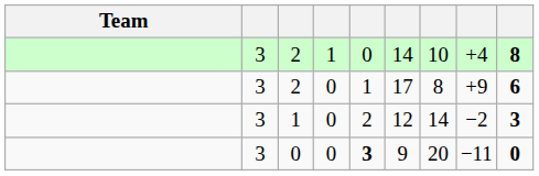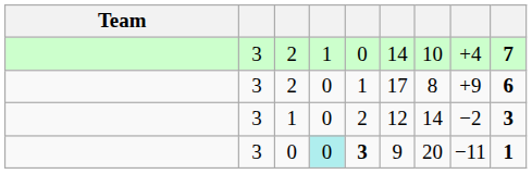 <table class="wikitable" style="text-align: center;">
 <tr>
 <th style="width:175px;">Team</th>
 <th width="20"></th>
 <th width="20"></th>
 <th width="20"></th>
 <th width="20"></th>
 <th width="20"></th>
 <th width="20"></th>
 <th width="20"></th>
 <th width="20"></th>
 </tr>
 <tr style="background:#cfc;">
 <td align=left></td>
 <td>3</td>
 <td>2</td>
 <td>1</td>
 <td>0</td>
 <td>14</td>
 <td>10</td>
 <td>+4</td>
-<td><strong>8</strong></td>
+<td><strong>7</strong></td>
 </tr>
 <tr>
 <td align=left></td>
 <td>3</td>
 <td>2</td>
 <td>0</td>
 <td>1</td>
 <td>17</td>
 <td>8</td>
 <td>+9</td>
 <td><strong>6</strong></td>
 </tr>
 <tr>
 <td align=left></td>
 <td>3</td>
 <td>1</td>
 <td>0</td>
 <td>2</td>
 <td>12</td>
 <td>14</td>
 <td>−2</td>
 <td><strong>3</strong></td>
 </tr>
 <tr>
 <td align=left></td>
 <td>3</td>
 <td>0</td>
-<td>0</td>
+<td style="background: paleturquoise;">0</td>
 <td><strong>3</strong></td>
 <td>9</td>
 <td>20</td>
 <td>−11</td>
-<td><strong>0</strong></td>
+<td><strong>1</strong></td>
 </tr>
 </table>
